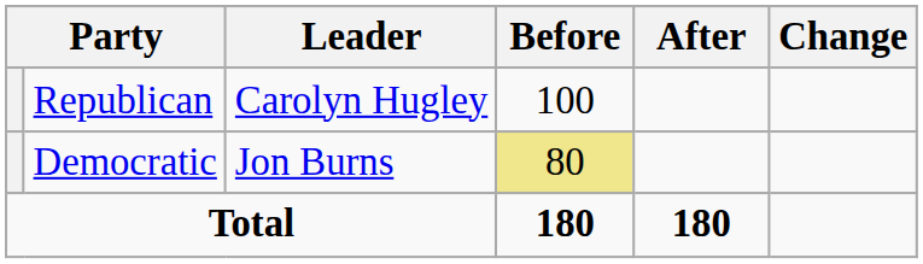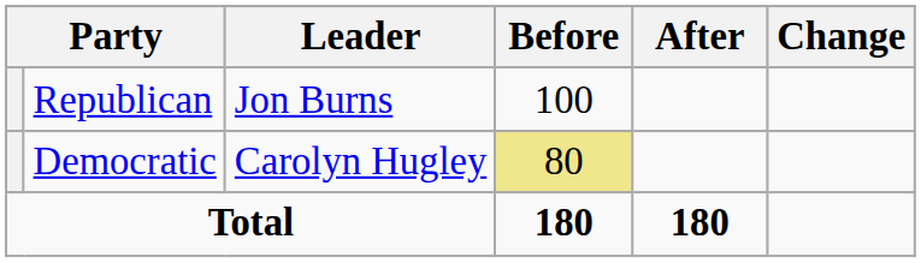 <table class="wikitable" style="text-align:center;">
 <tr>
 </tr>
 <tr>
 <th colspan="2">Party</th>
 <th>Leader</th>
 <th style="width:3em">Before</th>
 <th style="width:3em">After</th>
 <th style="width:3em">Change</th>
 </tr>
 <tr>
 <th style="background-color:"></th>
 <td style="text-align:left;"><a href='#'>Republican</a></td>
-<td style="text-align:left;"><a href='#'>Carolyn Hugley</a></td>
+<td style="text-align:left;"><a href='#'>Jon Burns</a></td>
 <td>100</td>
 <td></td>
 <td></td>
 </tr>
 <tr>
 <th style="background-color:"></th>
 <td style="text-align:left;"><a href='#'>Democratic</a></td>
-<td style="text-align:left;"><a href='#'>Jon Burns</a></td>
+<td style="text-align:left;"><a href='#'>Carolyn Hugley</a></td>
 <td style="background: khaki;">80</td>
 <td></td>
 <td></td>
 </tr>
 <tr>
 <td colspan="3"><strong>Total</strong></td>
 <td><strong>180</strong></td>
 <td><strong>180</strong></td>
 <td></td>
 </tr>
 </table>
